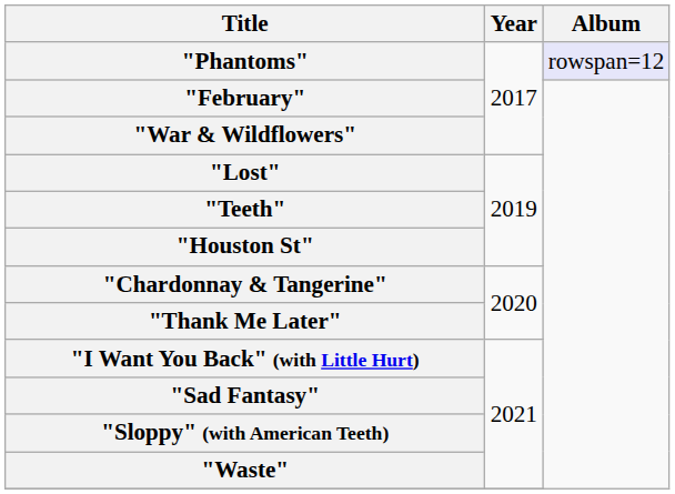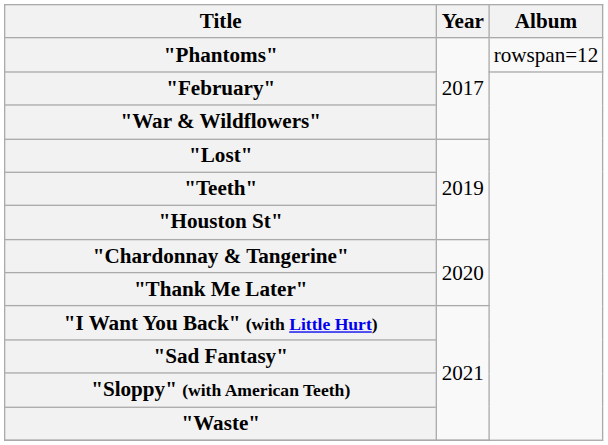 <table class="wikitable plainrowheaders" style="text-align:center">
 <tr>
 <th scope="col" style="width:20em;">Title</th>
 <th scope="col">Year</th>
 <th scope="col">Album</th>
 </tr>
 <tr>
 <th scope="row">"Phantoms"</th>
 <td rowspan="3">2017</td>
-<td style="background: lavender;">rowspan=12 </td>
+<td>rowspan=12 </td>
 </tr>
 <tr>
 <th scope="row">"February"</th>
 </tr>
 <tr>
 <th scope="row">"War & Wildflowers"</th>
 </tr>
 <tr>
 <th scope="row">"Lost"</th>
 <td rowspan="3">2019</td>
 </tr>
 <tr>
 <th scope="row">"Teeth"</th>
 </tr>
 <tr>
 <th scope="row">"Houston St"</th>
 </tr>
 <tr>
 <th scope="row">"Chardonnay & Tangerine"</th>
 <td rowspan="2">2020</td>
 </tr>
 <tr>
 <th scope="row">"Thank Me Later"</th>
 </tr>
 <tr>
 <th scope="row">"I Want You Back" <small>(with <a href='#'>Little Hurt</a>)</small></th>
 <td rowspan="4">2021</td>
 </tr>
 <tr>
 <th scope="row">"Sad Fantasy"</th>
 </tr>
 <tr>
 <th scope="row">"Sloppy" <small>(with American Teeth)</small></th>
 </tr>
 <tr>
 <th scope="row">"Waste"</th>
 </tr>
 <tr>
 </tr>
 </table>
